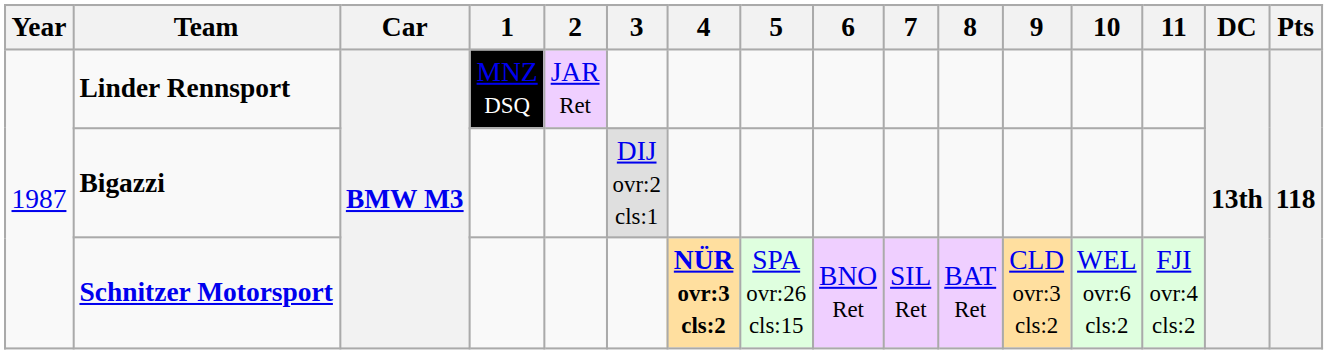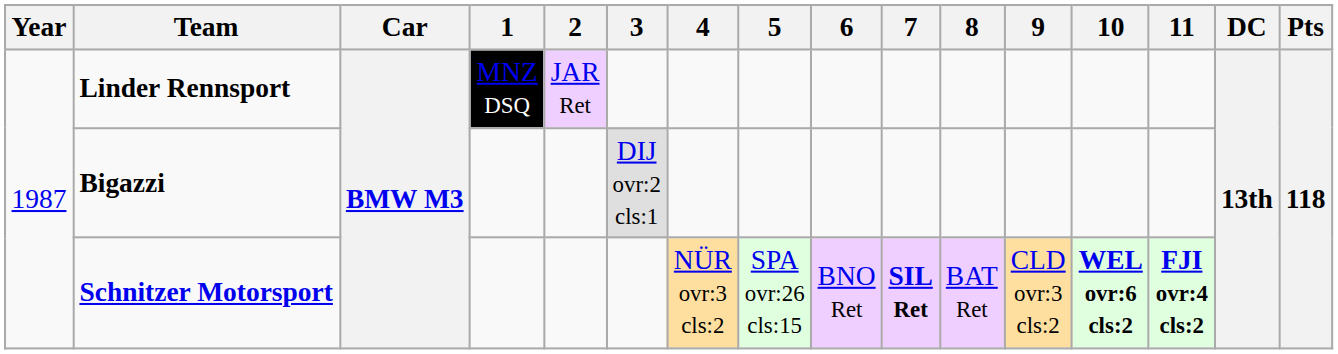 <table class="wikitable" style="text-align:center; font-size:85%">
 <tr>
 <th>Year</th>
 <th>Team</th>
 <th>Car</th>
 <th>1</th>
 <th>2</th>
 <th>3</th>
 <th>4</th>
 <th>5</th>
 <th>6</th>
 <th>7</th>
 <th>8</th>
 <th>9</th>
 <th>10</th>
 <th>11</th>
 <th>DC</th>
 <th>Pts</th>
 </tr>
 <tr>
 <td rowspan=3><a href='#'>1987</a></td>
 <td align="left"> <strong>Linder Rennsport</strong></td>
 <th rowspan=3><a href='#'>BMW M3</a></th>
 <td style="background:#000000; color:white"><a href='#'><span>MNZ</span></a><br><small>DSQ</small></td>
 <td style="background:#EFCFFF;"><a href='#'>JAR</a><br><small>Ret</small></td>
 <td></td>
 <td></td>
 <td></td>
 <td></td>
 <td></td>
 <td></td>
 <td></td>
 <td></td>
 <td></td>
 <th rowspan=3>13th</th>
 <th rowspan=3>118</th>
 </tr>
 <tr>
 <td align="left"> <strong>Bigazzi</strong></td>
 <td></td>
 <td></td>
 <td style="background:#dfdfdf;"><a href='#'>DIJ</a><br><small>ovr:2<br>cls:1</small></td>
 <td></td>
 <td></td>
 <td></td>
 <td></td>
 <td></td>
 <td></td>
 <td></td>
 <td></td>
 </tr>
 <tr>
 <td align="left"> <strong><a href='#'>Schnitzer Motorsport</a></strong></td>
 <td></td>
 <td></td>
 <td></td>
-<td style="background:#FFDF9F;"><strong><a href='#'>NÜR</a><br><small>ovr:3<br>cls:2</small></strong></td>
+<td style="background:#FFDF9F;"><a href='#'>NÜR</a><br><small>ovr:3<br>cls:2</small></td>
 <td style="background:#DFFFDF;"><a href='#'>SPA</a><br><small>ovr:26<br>cls:15</small></td>
 <td style="background:#EFCFFF;"><a href='#'>BNO</a><br><small>Ret</small></td>
-<td style="background:#EFCFFF;"><a href='#'>SIL</a><br><small>Ret</small></td>
+<td style="background:#EFCFFF;"><strong><a href='#'>SIL</a><br><small>Ret</small></strong></td>
 <td style="background:#EFCFFF;"><a href='#'>BAT</a><br><small>Ret</small></td>
 <td style="background:#FFDF9F;"><a href='#'>CLD</a><br><small>ovr:3<br>cls:2</small></td>
-<td style="background:#DFFFDF;"><a href='#'>WEL</a><br><small>ovr:6<br>cls:2</small></td>
-<td style="background:#DFFFDF;"><a href='#'>FJI</a><br><small>ovr:4<br>cls:2</small></td>
+<td style="background:#DFFFDF;"><strong><a href='#'>WEL</a><br><small>ovr:6<br>cls:2</small></strong></td>
+<td style="background:#DFFFDF;"><strong><a href='#'>FJI</a><br><small>ovr:4<br>cls:2</small></strong></td>
 </tr>
 </table>
